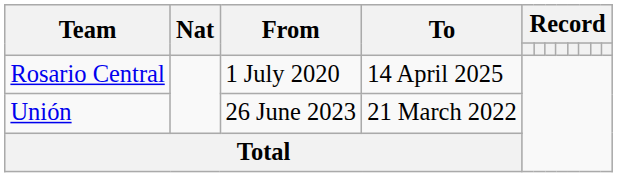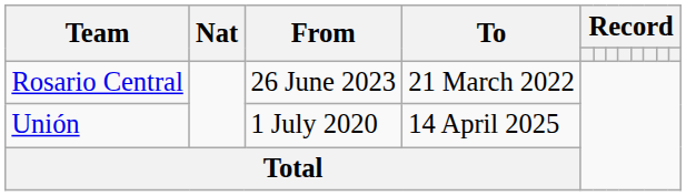 <table class="wikitable" style="text-align: center">
 <tr>
 <th rowspan="2">Team</th>
 <th rowspan="2">Nat</th>
 <th rowspan="2">From</th>
 <th rowspan="2">To</th>
 <th colspan="8">Record</th>
 </tr>
 <tr>
 <th></th>
 <th></th>
 <th></th>
 <th></th>
 <th></th>
 <th></th>
 <th></th>
 <th></th>
 </tr>
 <tr>
 <td align=left><a href='#'>Rosario Central</a></td>
 <td rowspan="2"></td>
-<td align=left>1 July 2020</td>
-<td align=left>14 April 2025<br></td>
+<td align=left>26 June 2023</td>
+<td align=left>21 March 2022<br></td>
 </tr>
 <tr>
 <td align=left><a href='#'>Unión</a></td>
-<td align=left>26 June 2023</td>
-<td align=left>21 March 2022<br></td>
+<td align=left>1 July 2020</td>
+<td align=left>14 April 2025<br></td>
 </tr>
 <tr>
 <th colspan="4">Total<br></th>
 </tr>
 </table>
